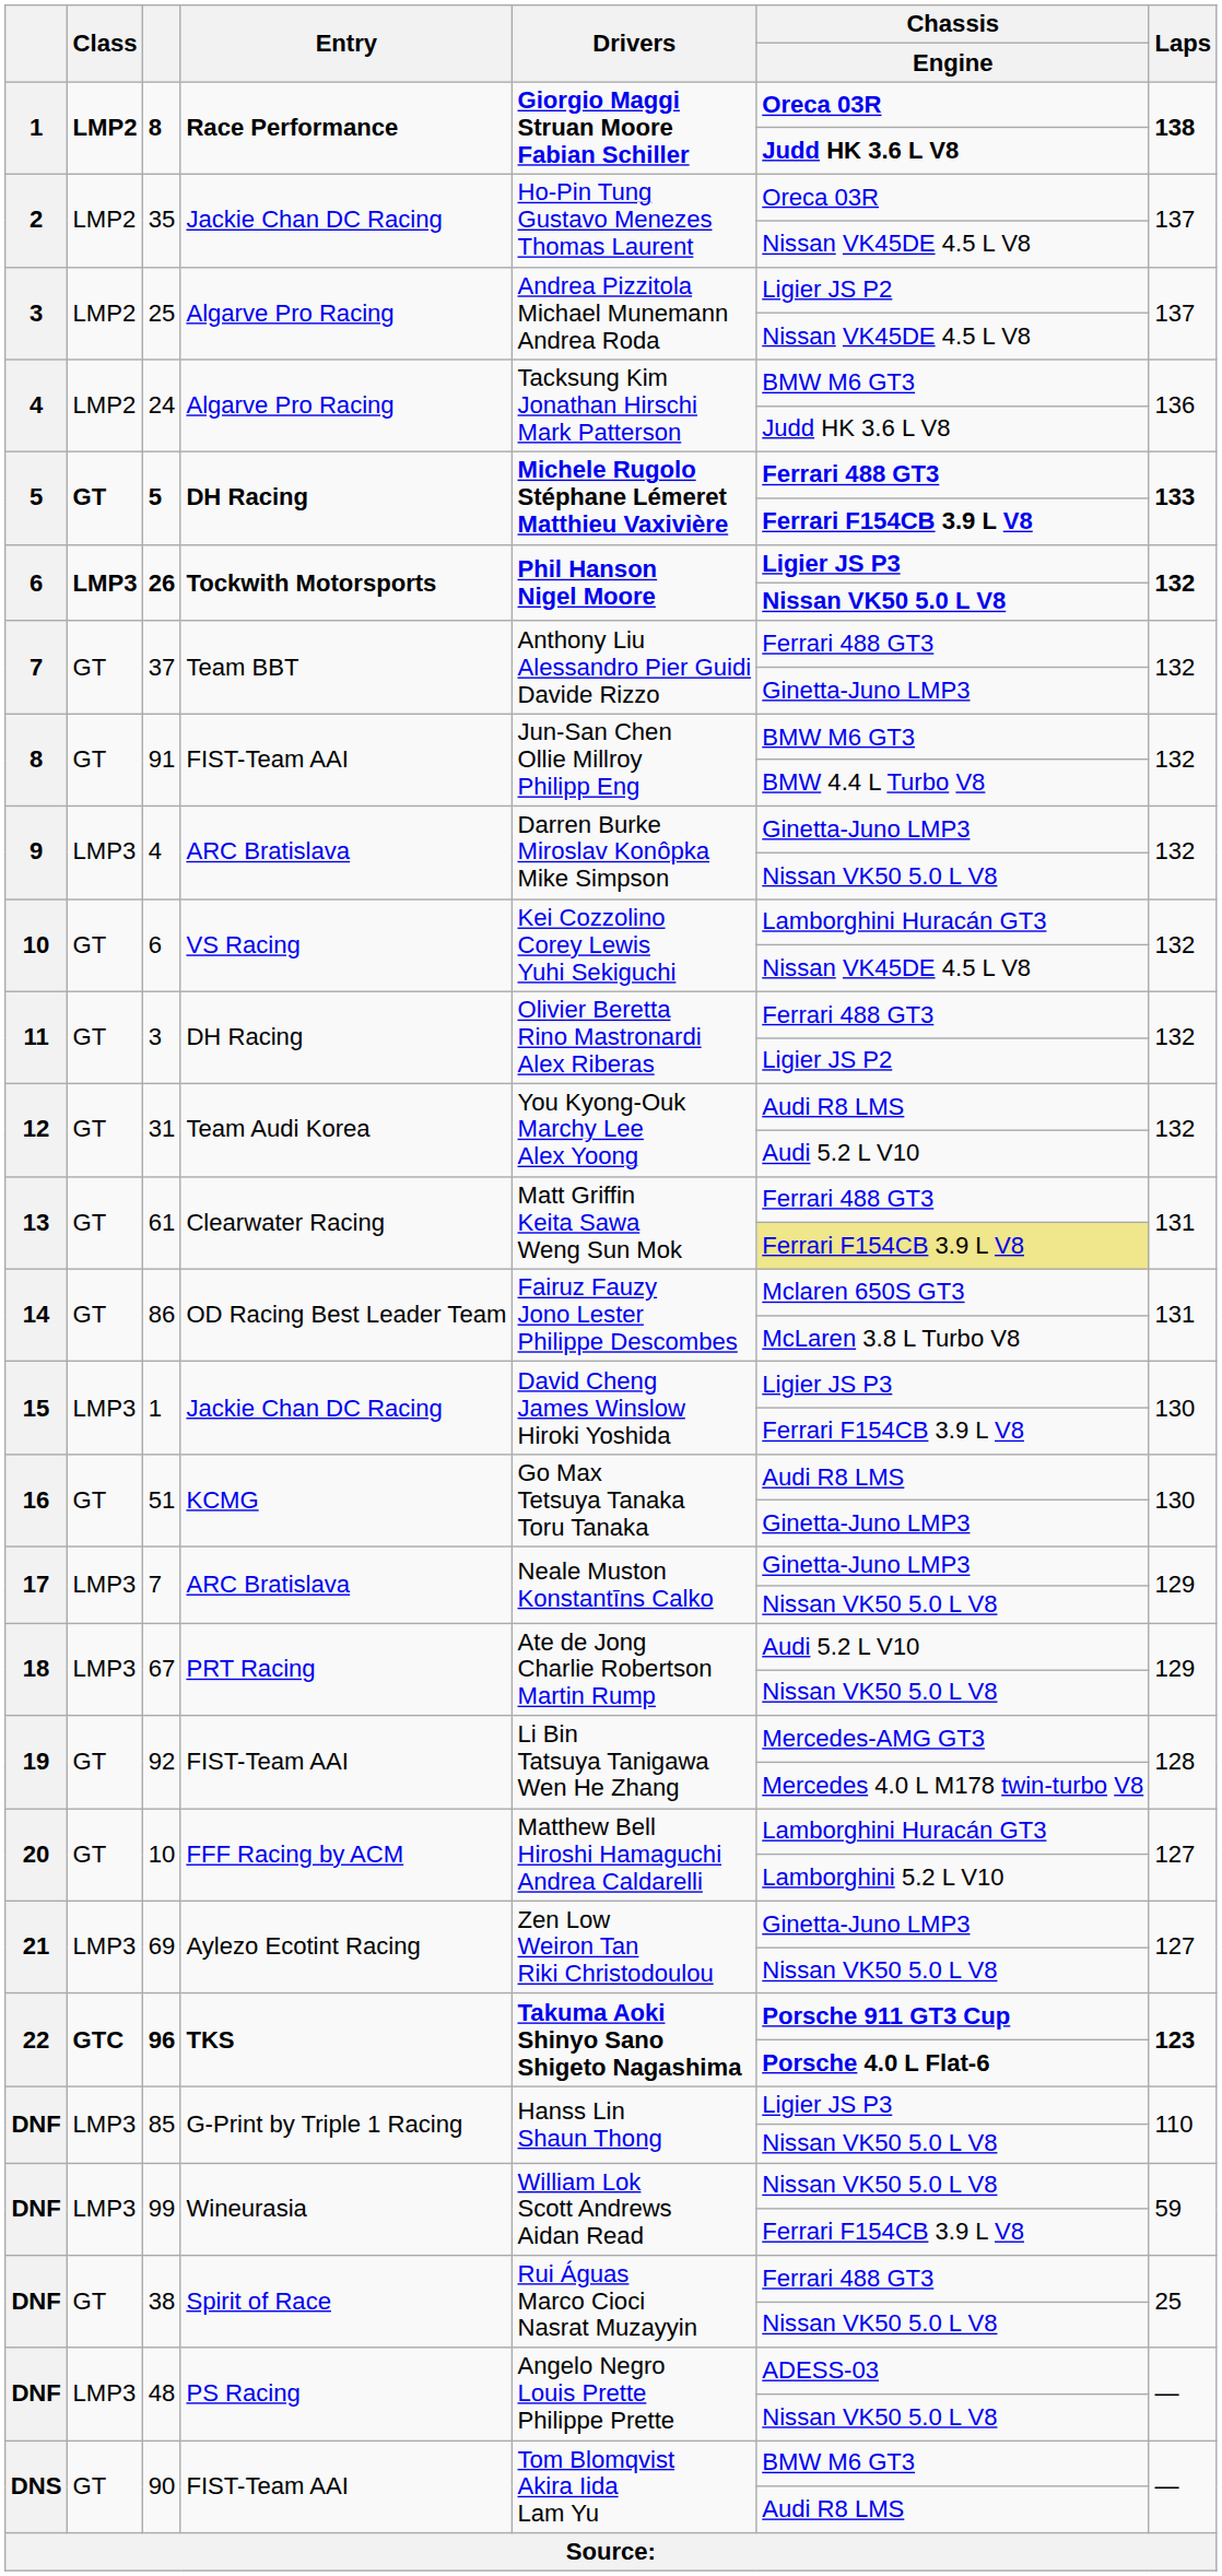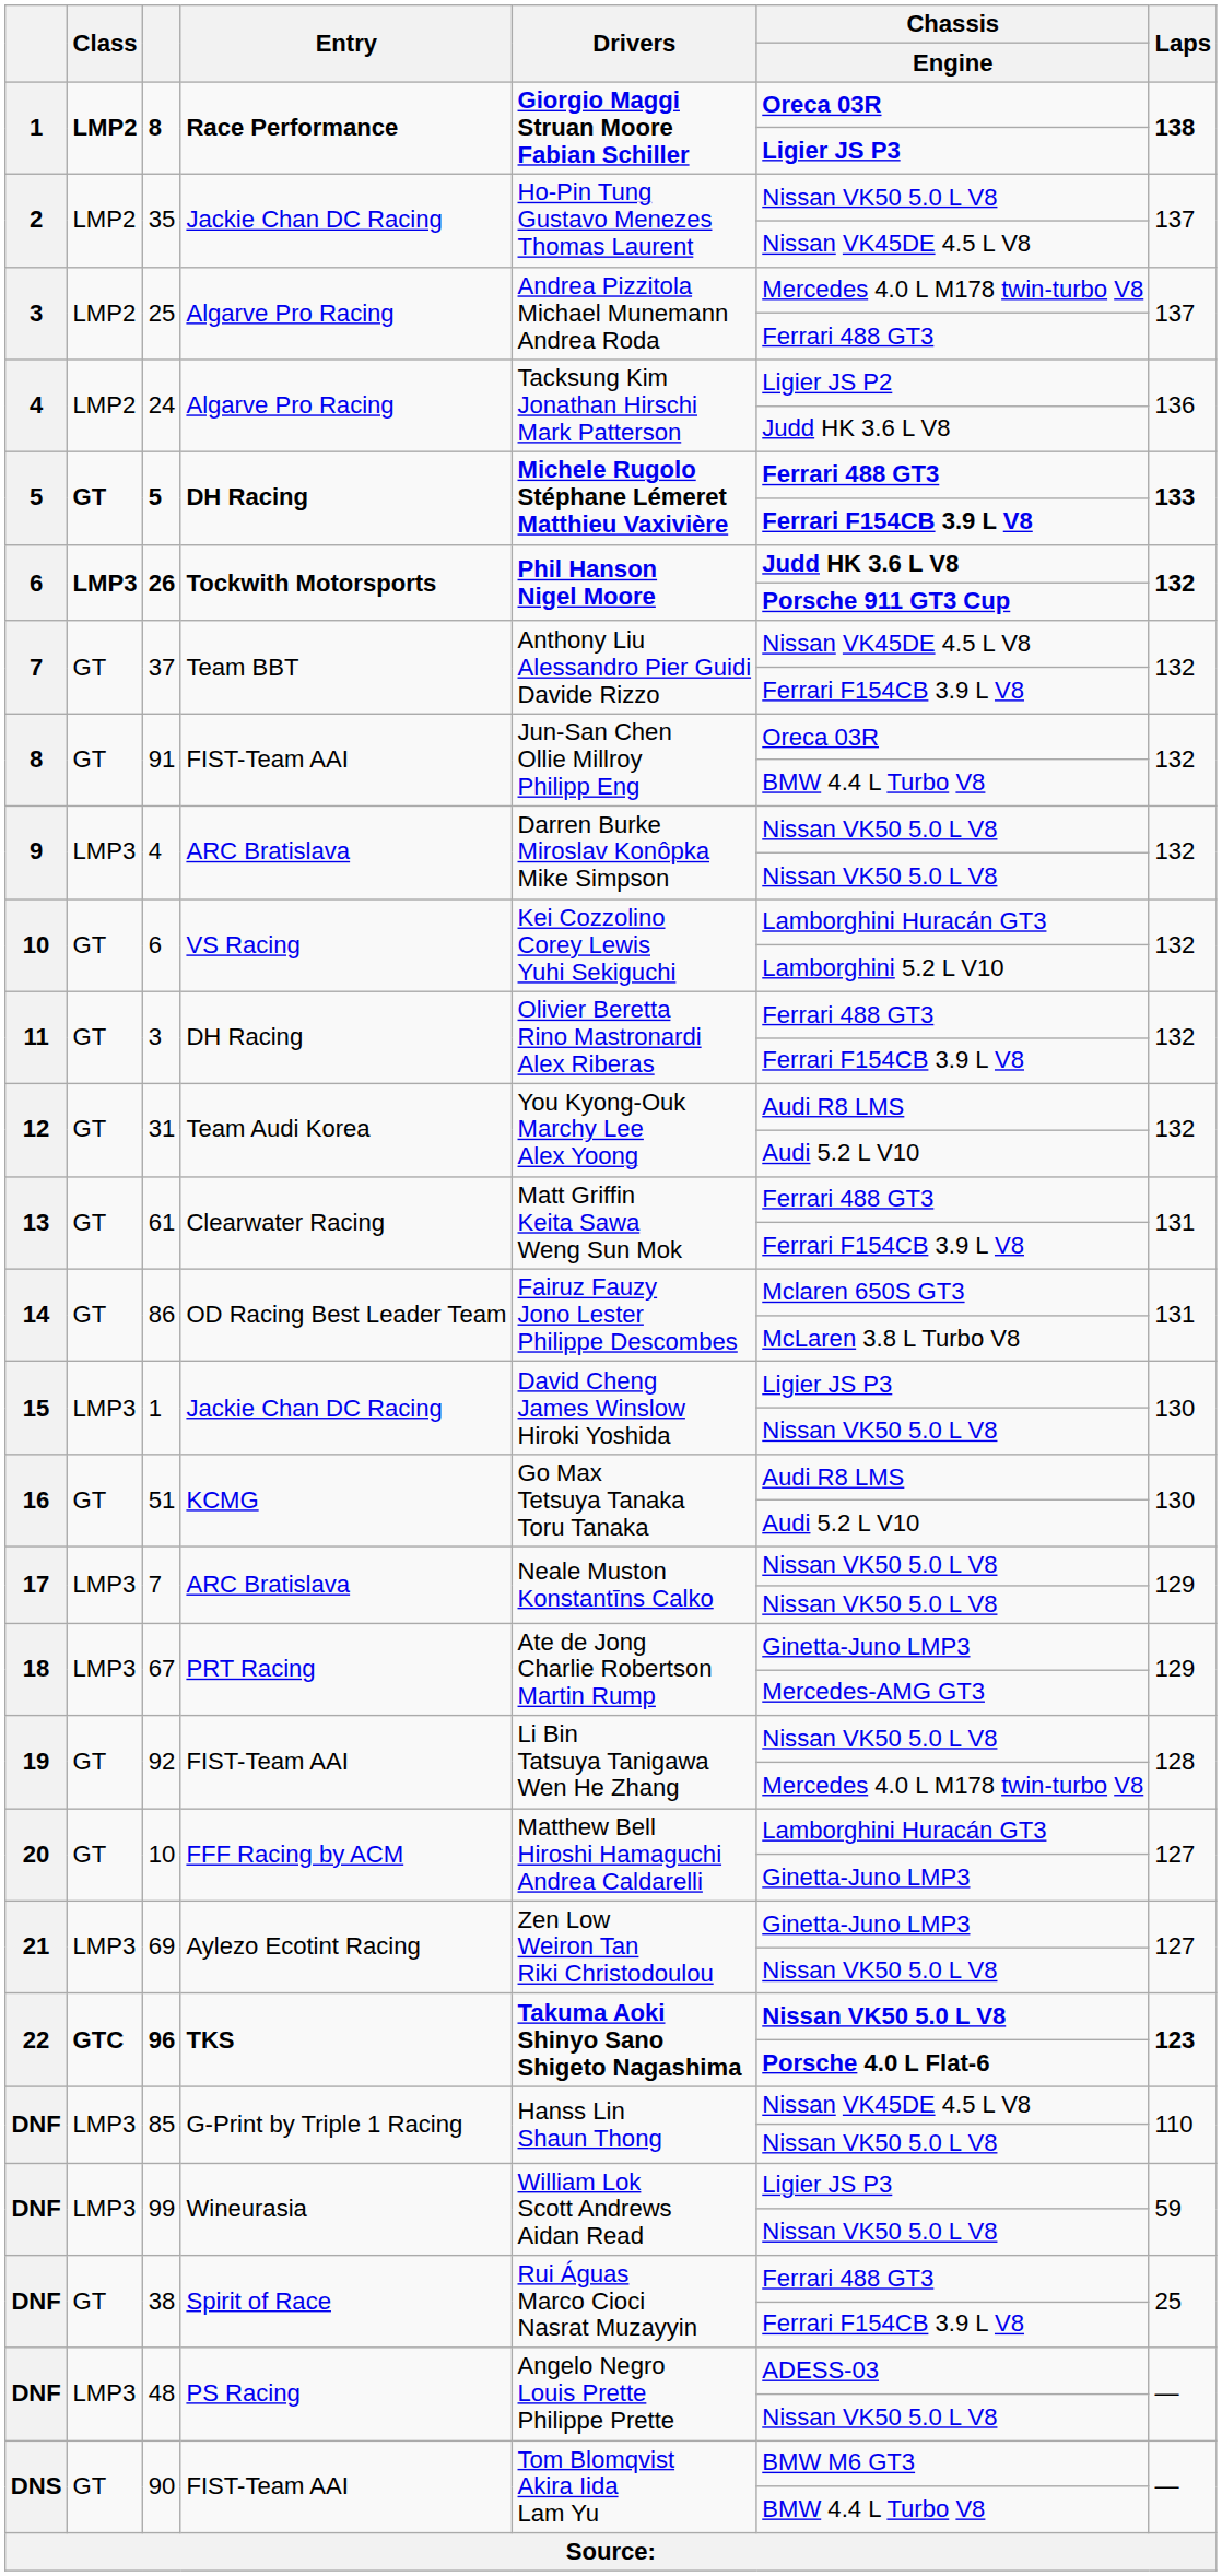 <table class="wikitable">
 <tr>
 <th rowspan="2"></th>
 <th rowspan="2">Class</th>
 <th rowspan="2"></th>
 <th rowspan="2">Entry</th>
 <th rowspan="2">Drivers</th>
 <th>Chassis</th>
 <th rowspan="2">Laps</th>
 </tr>
 <tr>
 <th>Engine</th>
 </tr>
 <tr>
 <th rowspan="2"><strong>1</strong></th>
 <td rowspan="2"><strong>LMP2</strong></td>
 <td rowspan="2"><strong>8</strong></td>
 <td rowspan="2"><strong> Race Performance</strong></td>
 <td rowspan="2"><strong> <a href='#'>Giorgio Maggi</a><br> Struan Moore</strong><br><strong> <a href='#'>Fabian Schiller</a></strong></td>
 <td><a href='#'><strong>Oreca 03R</strong></a></td>
 <td rowspan="2"><strong>138</strong></td>
 </tr>
 <tr>
-<td><strong><a href='#'>Judd</a> HK 3.6 L V8</strong></td>
+<td><strong><a href='#'>Ligier JS P3</a></strong></td>
 </tr>
 <tr>
 <th rowspan="2">2</th>
 <td rowspan="2">LMP2</td>
 <td rowspan="2">35</td>
 <td rowspan="2"> <a href='#'>Jackie Chan DC Racing</a></td>
 <td rowspan="2"> <a href='#'>Ho-Pin Tung</a><br> <a href='#'>Gustavo Menezes</a><br> <a href='#'>Thomas Laurent</a></td>
-<td><a href='#'>Oreca 03R</a></td>
+<td><a href='#'>Nissan VK50 5.0 L V8</a></td>
 <td rowspan="2">137</td>
 </tr>
 <tr>
 <td><a href='#'>Nissan</a> <a href='#'>VK45DE</a> 4.5 L V8</td>
 </tr>
 <tr>
 <th rowspan="2">3</th>
 <td rowspan="2">LMP2</td>
 <td rowspan="2">25</td>
 <td rowspan="2"> <a href='#'>Algarve Pro Racing</a></td>
 <td rowspan="2"> <a href='#'>Andrea Pizzitola</a><br> Michael Munemann<br> Andrea Roda</td>
-<td><a href='#'>Ligier JS P2</a></td>
+<td><a href='#'>Mercedes</a> 4.0 L M178 <a href='#'>twin-turbo</a> <a href='#'>V8</a></td>
 <td rowspan="2">137</td>
 </tr>
 <tr>
-<td><a href='#'>Nissan</a> <a href='#'>VK45DE</a> 4.5 L V8</td>
+<td><a href='#'>Ferrari 488 GT3</a></td>
 </tr>
 <tr>
 <th rowspan="2">4</th>
 <td rowspan="2">LMP2</td>
 <td rowspan="2">24</td>
 <td rowspan="2"> <a href='#'>Algarve Pro Racing</a></td>
 <td rowspan="2"> Tacksung Kim<br> <a href='#'>Jonathan Hirschi</a><br> <a href='#'>Mark Patterson</a></td>
-<td><a href='#'>BMW M6 GT3</a></td>
+<td><a href='#'>Ligier JS P2</a></td>
 <td rowspan="2">136</td>
 </tr>
 <tr>
 <td><a href='#'>Judd</a> HK 3.6 L V8</td>
 </tr>
 <tr>
 <th rowspan="2">5</th>
 <td rowspan="2"><strong>GT</strong></td>
 <td rowspan="2"><strong>5</strong></td>
 <td rowspan="2"><strong> DH Racing</strong></td>
 <td rowspan="2"><strong> <a href='#'>Michele Rugolo</a><br> Stéphane Lémeret<br> <a href='#'>Matthieu Vaxivière</a></strong></td>
 <td><a href='#'><strong>Ferrari 488 GT3</strong></a></td>
 <td rowspan="2"><strong>133</strong></td>
 </tr>
 <tr>
 <td><strong><a href='#'>Ferrari F154CB</a> 3.9 L <a href='#'>V8</a></strong></td>
 </tr>
 <tr>
 <th rowspan="2">6</th>
 <td rowspan="2"><strong>LMP3</strong></td>
 <td rowspan="2"><strong>26</strong></td>
 <td rowspan="2"><strong> Tockwith Motorsports</strong></td>
 <td rowspan="2"><strong> <a href='#'>Phil Hanson</a><br> <a href='#'>Nigel Moore</a></strong></td>
-<td><strong><a href='#'>Ligier JS P3</a></strong></td>
+<td><strong><a href='#'>Judd</a> HK 3.6 L V8</strong></td>
 <td rowspan="2"><strong>132</strong></td>
 </tr>
 <tr>
-<td><a href='#'><strong>Nissan VK50 5.0 L V8</strong></a></td>
+<td><strong><a href='#'>Porsche 911 GT3 Cup</a></strong></td>
 </tr>
 <tr>
 <th rowspan="2">7</th>
 <td rowspan="2">GT</td>
 <td rowspan="2">37</td>
 <td rowspan="2"> Team BBT</td>
 <td rowspan="2"> Anthony Liu<br> <a href='#'>Alessandro Pier Guidi</a><br> Davide Rizzo</td>
-<td><a href='#'>Ferrari 488 GT3</a></td>
+<td><a href='#'>Nissan</a> <a href='#'>VK45DE</a> 4.5 L V8</td>
 <td rowspan="2">132</td>
 </tr>
 <tr>
-<td><a href='#'>Ginetta-Juno LMP3</a></td>
+<td><a href='#'>Ferrari F154CB</a> 3.9 L <a href='#'>V8</a></td>
 </tr>
 <tr>
 <th rowspan="2">8</th>
 <td rowspan="2">GT</td>
 <td rowspan="2">91</td>
 <td rowspan="2"> FIST-Team AAI</td>
 <td rowspan="2"> Jun-San Chen<br> Ollie Millroy<br> <a href='#'>Philipp Eng</a></td>
-<td><a href='#'>BMW M6 GT3</a></td>
+<td><a href='#'>Oreca 03R</a></td>
 <td rowspan="2">132</td>
 </tr>
 <tr>
 <td><a href='#'>BMW</a> 4.4 L <a href='#'>Turbo</a> <a href='#'>V8</a></td>
 </tr>
 <tr>
 <th rowspan="2">9</th>
 <td rowspan="2">LMP3</td>
 <td rowspan="2">4</td>
 <td rowspan="2"> <a href='#'>ARC Bratislava</a></td>
 <td rowspan="2"> Darren Burke<br> <a href='#'>Miroslav Konôpka</a><br> Mike Simpson</td>
-<td><a href='#'>Ginetta-Juno LMP3</a></td>
+<td><a href='#'>Nissan VK50 5.0 L V8</a></td>
 <td rowspan="2">132</td>
 </tr>
 <tr>
 <td><a href='#'>Nissan VK50 5.0 L V8</a></td>
 </tr>
 <tr>
 <th rowspan="2">10</th>
 <td rowspan="2">GT</td>
 <td rowspan="2">6</td>
 <td rowspan="2"> <a href='#'>VS Racing</a></td>
 <td rowspan="2"> <a href='#'>Kei Cozzolino</a><br> <a href='#'>Corey Lewis</a><br> <a href='#'>Yuhi Sekiguchi</a></td>
 <td><a href='#'>Lamborghini Huracán GT3</a></td>
 <td rowspan="2">132</td>
 </tr>
 <tr>
-<td><a href='#'>Nissan</a> <a href='#'>VK45DE</a> 4.5 L V8</td>
+<td><a href='#'>Lamborghini</a> 5.2 L V10</td>
 </tr>
 <tr>
 <th rowspan="2">11</th>
 <td rowspan="2">GT</td>
 <td rowspan="2">3</td>
 <td rowspan="2"> DH Racing</td>
 <td rowspan="2"> <a href='#'>Olivier Beretta</a><br> <a href='#'>Rino Mastronardi</a><br> <a href='#'>Alex Riberas</a></td>
 <td><a href='#'>Ferrari 488 GT3</a></td>
 <td rowspan="2">132</td>
 </tr>
 <tr>
-<td><a href='#'>Ligier JS P2</a></td>
+<td><a href='#'>Ferrari F154CB</a> 3.9 L <a href='#'>V8</a></td>
 </tr>
 <tr>
 <th rowspan="2">12</th>
 <td rowspan="2">GT</td>
 <td rowspan="2">31</td>
 <td rowspan="2"> Team Audi Korea</td>
 <td rowspan="2"> You Kyong-Ouk<br> <a href='#'>Marchy Lee</a><br> <a href='#'>Alex Yoong</a></td>
 <td><a href='#'>Audi R8 LMS</a></td>
 <td rowspan="2">132</td>
 </tr>
 <tr>
 <td><a href='#'>Audi</a> 5.2 L V10</td>
 </tr>
 <tr>
 <th rowspan="2">13</th>
 <td rowspan="2">GT</td>
 <td rowspan="2">61</td>
 <td rowspan="2"> Clearwater Racing</td>
 <td rowspan="2"> Matt Griffin<br> <a href='#'>Keita Sawa</a><br> Weng Sun Mok</td>
 <td><a href='#'>Ferrari 488 GT3</a></td>
 <td rowspan="2">131</td>
 </tr>
 <tr>
-<td style="background: khaki;"><a href='#'>Ferrari F154CB</a> 3.9 L <a href='#'>V8</a></td>
+<td><a href='#'>Ferrari F154CB</a> 3.9 L <a href='#'>V8</a></td>
 </tr>
 <tr>
 <th rowspan="2">14</th>
 <td rowspan="2">GT</td>
 <td rowspan="2">86</td>
 <td rowspan="2"> OD Racing Best Leader Team</td>
 <td rowspan="2"> <a href='#'>Fairuz Fauzy</a><br> <a href='#'>Jono Lester</a><br> <a href='#'>Philippe Descombes</a></td>
 <td><a href='#'>Mclaren 650S GT3</a></td>
 <td rowspan="2">131</td>
 </tr>
 <tr>
 <td><a href='#'>McLaren</a> 3.8 L Turbo V8</td>
 </tr>
 <tr>
 <th rowspan="2">15</th>
 <td rowspan="2">LMP3</td>
 <td rowspan="2">1</td>
 <td rowspan="2"> <a href='#'>Jackie Chan DC Racing</a></td>
 <td rowspan="2"> <a href='#'>David Cheng</a><br> <a href='#'>James Winslow</a><br> Hiroki Yoshida</td>
 <td><a href='#'>Ligier JS P3</a></td>
 <td rowspan="2">130</td>
 </tr>
 <tr>
-<td><a href='#'>Ferrari F154CB</a> 3.9 L <a href='#'>V8</a></td>
+<td><a href='#'>Nissan VK50 5.0 L V8</a></td>
 </tr>
 <tr>
 <th rowspan="2">16</th>
 <td rowspan="2">GT</td>
 <td rowspan="2">51</td>
 <td rowspan="2"> <a href='#'>KCMG</a></td>
 <td rowspan="2"> Go Max<br> Tetsuya Tanaka<br> Toru Tanaka</td>
 <td><a href='#'>Audi R8 LMS</a></td>
 <td rowspan="2">130</td>
 </tr>
 <tr>
-<td><a href='#'>Ginetta-Juno LMP3</a></td>
+<td><a href='#'>Audi</a> 5.2 L V10</td>
 </tr>
 <tr>
 <th rowspan="2">17</th>
 <td rowspan="2">LMP3</td>
 <td rowspan="2">7</td>
 <td rowspan="2"> <a href='#'>ARC Bratislava</a></td>
 <td rowspan="2"> Neale Muston<br> <a href='#'>Konstantīns Calko</a></td>
-<td><a href='#'>Ginetta-Juno LMP3</a></td>
+<td><a href='#'>Nissan VK50 5.0 L V8</a></td>
 <td rowspan="2">129</td>
 </tr>
 <tr>
 <td><a href='#'>Nissan VK50 5.0 L V8</a></td>
 </tr>
 <tr>
 <th rowspan="2">18</th>
 <td rowspan="2">LMP3</td>
 <td rowspan="2">67</td>
 <td rowspan="2"> <a href='#'>PRT Racing</a></td>
 <td rowspan="2"> Ate de Jong<br> Charlie Robertson<br> <a href='#'>Martin Rump</a></td>
-<td><a href='#'>Audi</a> 5.2 L V10</td>
+<td><a href='#'>Ginetta-Juno LMP3</a></td>
 <td rowspan="2">129</td>
 </tr>
 <tr>
-<td><a href='#'>Nissan VK50 5.0 L V8</a></td>
+<td><a href='#'>Mercedes-AMG GT3</a></td>
 </tr>
 <tr>
 <th rowspan="2">19</th>
 <td rowspan="2">GT</td>
 <td rowspan="2">92</td>
 <td rowspan="2"> FIST-Team AAI</td>
 <td rowspan="2"> Li Bin<br> Tatsuya Tanigawa<br> Wen He Zhang</td>
-<td><a href='#'>Mercedes-AMG GT3</a></td>
+<td><a href='#'>Nissan VK50 5.0 L V8</a></td>
 <td rowspan="2">128</td>
 </tr>
 <tr>
 <td><a href='#'>Mercedes</a> 4.0 L M178 <a href='#'>twin-turbo</a> <a href='#'>V8</a></td>
 </tr>
 <tr>
 <th rowspan="2">20</th>
 <td rowspan="2">GT</td>
 <td rowspan="2">10</td>
 <td rowspan="2"> <a href='#'>FFF Racing by ACM</a></td>
 <td rowspan="2"> Matthew Bell<br> <a href='#'>Hiroshi Hamaguchi</a><br> <a href='#'>Andrea Caldarelli</a></td>
 <td><a href='#'>Lamborghini Huracán GT3</a></td>
 <td rowspan="2">127</td>
 </tr>
 <tr>
-<td><a href='#'>Lamborghini</a> 5.2 L V10</td>
+<td><a href='#'>Ginetta-Juno LMP3</a></td>
 </tr>
 <tr>
 <th rowspan="2">21</th>
 <td rowspan="2">LMP3</td>
 <td rowspan="2">69</td>
 <td rowspan="2"> Aylezo Ecotint Racing</td>
 <td rowspan="2"> Zen Low<br> <a href='#'>Weiron Tan</a><br> <a href='#'>Riki Christodoulou</a></td>
 <td><a href='#'>Ginetta-Juno LMP3</a></td>
 <td rowspan="2">127</td>
 </tr>
 <tr>
 <td><a href='#'>Nissan VK50 5.0 L V8</a></td>
 </tr>
 <tr>
 <th rowspan="2">22</th>
 <td rowspan="2"><strong>GTC</strong></td>
 <td rowspan="2"><strong>96</strong></td>
 <td rowspan="2"><strong> TKS</strong></td>
 <td rowspan="2"><strong> <a href='#'>Takuma Aoki</a></strong><br><strong> Shinyo Sano</strong><br><strong> Shigeto Nagashima</strong></td>
-<td><strong><a href='#'>Porsche 911 GT3 Cup</a></strong></td>
+<td><a href='#'><strong>Nissan VK50 5.0 L V8</strong></a></td>
 <td rowspan="2"><strong>123</strong></td>
 </tr>
 <tr>
 <td><strong><a href='#'>Porsche</a> 4.0 L Flat-6</strong></td>
 </tr>
 <tr>
 <th rowspan="2">DNF</th>
 <td rowspan="2">LMP3</td>
 <td rowspan="2">85</td>
 <td rowspan="2"> G-Print by Triple 1 Racing</td>
 <td rowspan="2"> Hanss Lin<br> <a href='#'>Shaun Thong</a></td>
-<td><a href='#'>Ligier JS P3</a></td>
+<td><a href='#'>Nissan</a> <a href='#'>VK45DE</a> 4.5 L V8</td>
 <td rowspan="2">110</td>
 </tr>
 <tr>
 <td><a href='#'>Nissan VK50 5.0 L V8</a></td>
 </tr>
 <tr>
 <th rowspan="2">DNF</th>
 <td rowspan="2">LMP3</td>
 <td rowspan="2">99</td>
 <td rowspan="2"> Wineurasia</td>
 <td rowspan="2"> <a href='#'>William Lok</a><br> Scott Andrews<br> Aidan Read</td>
-<td><a href='#'>Nissan VK50 5.0 L V8</a></td>
+<td><a href='#'>Ligier JS P3</a></td>
 <td rowspan="2">59</td>
 </tr>
 <tr>
-<td><a href='#'>Ferrari F154CB</a> 3.9 L <a href='#'>V8</a></td>
+<td><a href='#'>Nissan VK50 5.0 L V8</a></td>
 </tr>
 <tr>
 <th rowspan="2">DNF</th>
 <td rowspan="2">GT</td>
 <td rowspan="2">38</td>
 <td rowspan="2"> <a href='#'>Spirit of Race</a></td>
 <td rowspan="2"> <a href='#'>Rui Águas</a><br> Marco Cioci<br> Nasrat Muzayyin</td>
 <td><a href='#'>Ferrari 488 GT3</a></td>
 <td rowspan="2">25</td>
 </tr>
 <tr>
-<td><a href='#'>Nissan VK50 5.0 L V8</a></td>
+<td><a href='#'>Ferrari F154CB</a> 3.9 L <a href='#'>V8</a></td>
 </tr>
 <tr>
 <th rowspan="2">DNF</th>
 <td rowspan="2">LMP3</td>
 <td rowspan="2">48</td>
 <td rowspan="2"> <a href='#'>PS Racing</a></td>
 <td rowspan="2"> Angelo Negro<br> <a href='#'>Louis Prette</a><br> Philippe Prette</td>
 <td><a href='#'>ADESS-03</a></td>
 <td rowspan="2">—</td>
 </tr>
 <tr>
 <td><a href='#'>Nissan VK50 5.0 L V8</a></td>
 </tr>
 <tr>
 <th rowspan="2">DNS</th>
 <td rowspan="2">GT</td>
 <td rowspan="2">90</td>
 <td rowspan="2"> FIST-Team AAI</td>
 <td rowspan="2"> <a href='#'>Tom Blomqvist</a><br> <a href='#'>Akira Iida</a><br> Lam Yu</td>
 <td><a href='#'>BMW M6 GT3</a></td>
 <td rowspan="2">—</td>
 </tr>
 <tr>
-<td><a href='#'>Audi R8 LMS</a></td>
+<td><a href='#'>BMW</a> 4.4 L <a href='#'>Turbo</a> <a href='#'>V8</a></td>
 </tr>
 <tr>
 <th colspan="7">Source:</th>
 </tr>
 </table>
